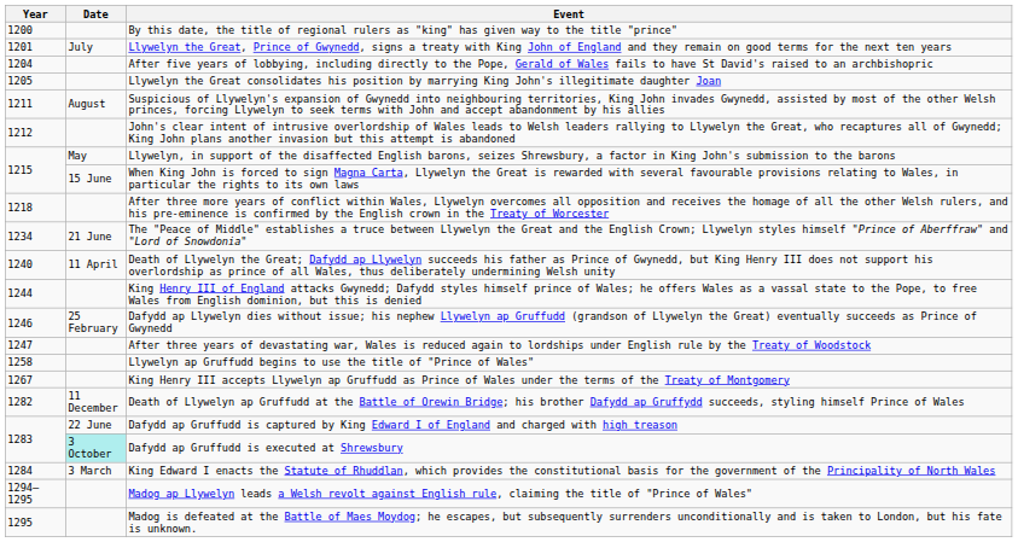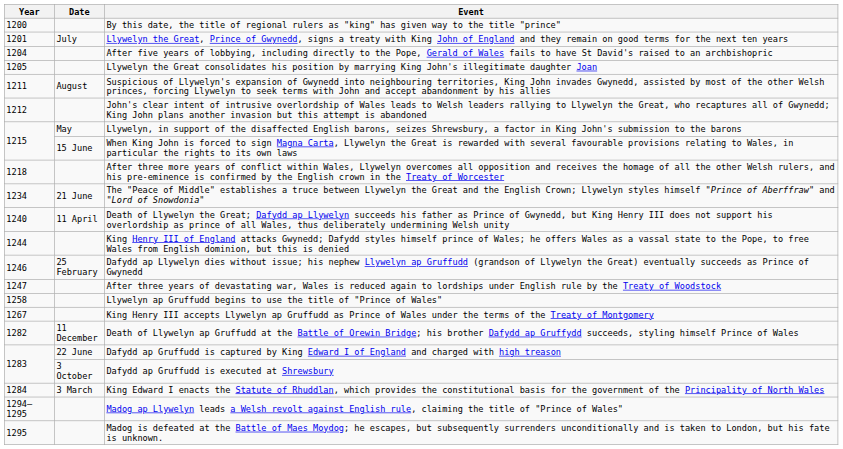 <table class="wikitable" width="100%">
 <tr>
 <th style="width:6%">Year</th>
 <th style="width:6%">Date</th>
 <th>Event</th>
 </tr>
 <tr>
 <td>1200</td>
 <td></td>
 <td>By this date, the title of regional rulers as "king" has given way to the title "prince"</td>
 </tr>
 <tr>
 <td>1201</td>
 <td>July</td>
 <td><a href='#'>Llywelyn the Great</a>, <a href='#'>Prince of Gwynedd</a>, signs a treaty with King <a href='#'>John of England</a> and they remain on good terms for the next ten years</td>
 </tr>
 <tr>
 <td>1204</td>
 <td></td>
 <td>After five years of lobbying, including directly to the Pope, <a href='#'>Gerald of Wales</a> fails to have St David's raised to an archbishopric</td>
 </tr>
 <tr>
 <td>1205</td>
 <td></td>
 <td>Llywelyn the Great consolidates his position by marrying King John's illegitimate daughter <a href='#'>Joan</a></td>
 </tr>
 <tr>
 <td>1211</td>
 <td>August</td>
 <td>Suspicious of Llywelyn's expansion of Gwynedd into neighbouring territories, King John invades Gwynedd, assisted by most of the other Welsh princes, forcing Llywelyn to seek terms with John and accept abandonment by his allies</td>
 </tr>
 <tr>
 <td>1212</td>
 <td></td>
 <td>John's clear intent of intrusive overlordship of Wales leads to Welsh leaders rallying to Llywelyn the Great, who recaptures all of Gwynedd; King John plans another invasion but this attempt is abandoned</td>
 </tr>
 <tr>
 <td rowspan=2>1215</td>
 <td>May</td>
 <td>Llywelyn, in support of the disaffected English barons, seizes Shrewsbury, a factor in King John's submission to the barons</td>
 </tr>
 <tr>
 <td>15 June</td>
 <td>When King John is forced to sign <a href='#'>Magna Carta</a>, Llywelyn the Great is rewarded with several favourable provisions relating to Wales, in particular the rights to its own laws</td>
 </tr>
 <tr>
 <td>1218</td>
 <td></td>
 <td>After three more years of conflict within Wales, Llywelyn overcomes all opposition and receives the homage of all the other Welsh rulers, and his pre-eminence is confirmed by the English crown in the <a href='#'>Treaty of Worcester</a></td>
 </tr>
 <tr>
 <td>1234</td>
 <td>21 June</td>
 <td>The "Peace of Middle" establishes a truce between Llywelyn the Great and the English Crown; Llywelyn styles himself <em>"Prince of Aberffraw"</em> and <em>"Lord of Snowdonia"</em></td>
 </tr>
 <tr>
 <td>1240</td>
 <td>11 April</td>
 <td>Death of Llywelyn the Great; <a href='#'>Dafydd ap Llywelyn</a> succeeds his father as Prince of Gwynedd, but King Henry III does not support his overlordship as prince of all Wales, thus deliberately undermining Welsh unity</td>
 </tr>
 <tr>
 <td>1244</td>
 <td></td>
 <td>King <a href='#'>Henry III of England</a> attacks Gwynedd; Dafydd styles himself prince of Wales; he offers Wales as a vassal state to the Pope, to free Wales from English dominion, but this is denied</td>
 </tr>
 <tr>
 <td>1246</td>
 <td>25 February</td>
 <td>Dafydd ap Llywelyn dies without issue; his nephew <a href='#'>Llywelyn ap Gruffudd</a> (grandson of Llywelyn the Great) eventually succeeds as Prince of Gwynedd</td>
 </tr>
 <tr>
 <td>1247</td>
 <td></td>
 <td>After three years of devastating war, Wales is reduced again to lordships under English rule by the <a href='#'>Treaty of Woodstock</a></td>
 </tr>
 <tr>
 <td>1258</td>
 <td></td>
 <td>Llywelyn ap Gruffudd begins to use the title of "Prince of Wales"</td>
 </tr>
 <tr>
 <td>1267</td>
 <td></td>
 <td>King Henry III accepts Llywelyn ap Gruffudd as Prince of Wales under the terms of the <a href='#'>Treaty of Montgomery</a></td>
 </tr>
 <tr>
 <td>1282</td>
 <td>11 December</td>
 <td>Death of Llywelyn ap Gruffudd at the <a href='#'>Battle of Orewin Bridge</a>; his brother <a href='#'>Dafydd ap Gruffydd</a> succeeds, styling himself Prince of Wales</td>
 </tr>
 <tr>
 <td rowspan=2>1283</td>
 <td>22 June</td>
 <td>Dafydd ap Gruffudd is captured by King <a href='#'>Edward I of England</a> and charged with <a href='#'>high treason</a></td>
 </tr>
 <tr>
-<td style="background: paleturquoise;">3 October</td>
+<td>3 October</td>
 <td>Dafydd ap Gruffudd is executed at <a href='#'>Shrewsbury</a></td>
 </tr>
 <tr>
 <td>1284</td>
 <td>3 March</td>
 <td>King Edward I enacts the <a href='#'>Statute of Rhuddlan</a>, which provides the constitutional basis for the government of the <a href='#'>Principality of North Wales</a></td>
 </tr>
 <tr>
 <td>1294–1295</td>
 <td></td>
 <td><a href='#'>Madog ap Llywelyn</a> leads <a href='#'>a Welsh revolt against English rule</a>, claiming the title of "Prince of Wales"</td>
 </tr>
 <tr>
 <td>1295</td>
 <td></td>
 <td>Madog is defeated at the <a href='#'>Battle of Maes Moydog</a>; he escapes, but subsequently surrenders unconditionally and is taken to London, but his fate is unknown.</td>
 </tr>
 </table>
